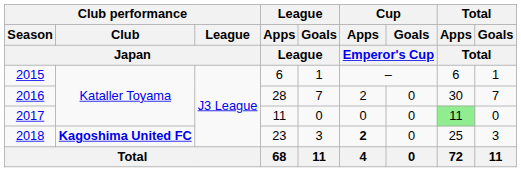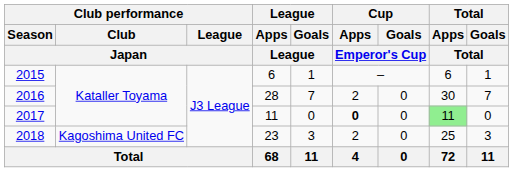 <table class="wikitable" style="text-align:center;">
 <tr>
 <th colspan=3>Club performance</th>
 <th colspan=2>League</th>
 <th colspan=2>Cup</th>
 <th colspan=2>Total</th>
 </tr>
 <tr>
 <th>Season</th>
 <th>Club</th>
 <th>League</th>
 <th>Apps</th>
 <th>Goals</th>
 <th>Apps</th>
 <th>Goals</th>
 <th>Apps</th>
 <th>Goals</th>
 </tr>
 <tr>
 <th colspan=3>Japan</th>
 <th colspan=2>League</th>
 <th colspan=2><a href='#'>Emperor's Cup</a></th>
 <th colspan=2>Total</th>
 </tr>
 <tr>
 <td><a href='#'>2015</a></td>
 <td rowspan="3"><a href='#'>Kataller Toyama</a></td>
 <td rowspan="4"><a href='#'>J3 League</a></td>
 <td>6</td>
 <td>1</td>
 <td colspan="2">–</td>
 <td>6</td>
 <td>1</td>
 </tr>
 <tr>
 <td><a href='#'>2016</a></td>
 <td>28</td>
 <td>7</td>
 <td>2</td>
 <td>0</td>
 <td>30</td>
 <td>7</td>
 </tr>
 <tr>
 <td><a href='#'>2017</a></td>
 <td>11</td>
 <td>0</td>
-<td>0</td>
+<td><strong>0</strong></td>
 <td>0</td>
 <td style="background: lightgreen;">11</td>
 <td>0</td>
 </tr>
 <tr>
 <td><a href='#'>2018</a></td>
-<td rowspan="1"><strong><a href='#'>Kagoshima United FC</a></strong></td>
+<td rowspan="1"><a href='#'>Kagoshima United FC</a></td>
 <td>23</td>
 <td>3</td>
-<td><strong>2</strong></td>
+<td>2</td>
 <td>0</td>
 <td>25</td>
 <td>3</td>
 </tr>
 <tr>
 <th colspan="3">Total</th>
 <th>68</th>
 <th>11</th>
 <th>4</th>
 <th>0</th>
 <th>72</th>
 <th>11</th>
 </tr>
 </table>
